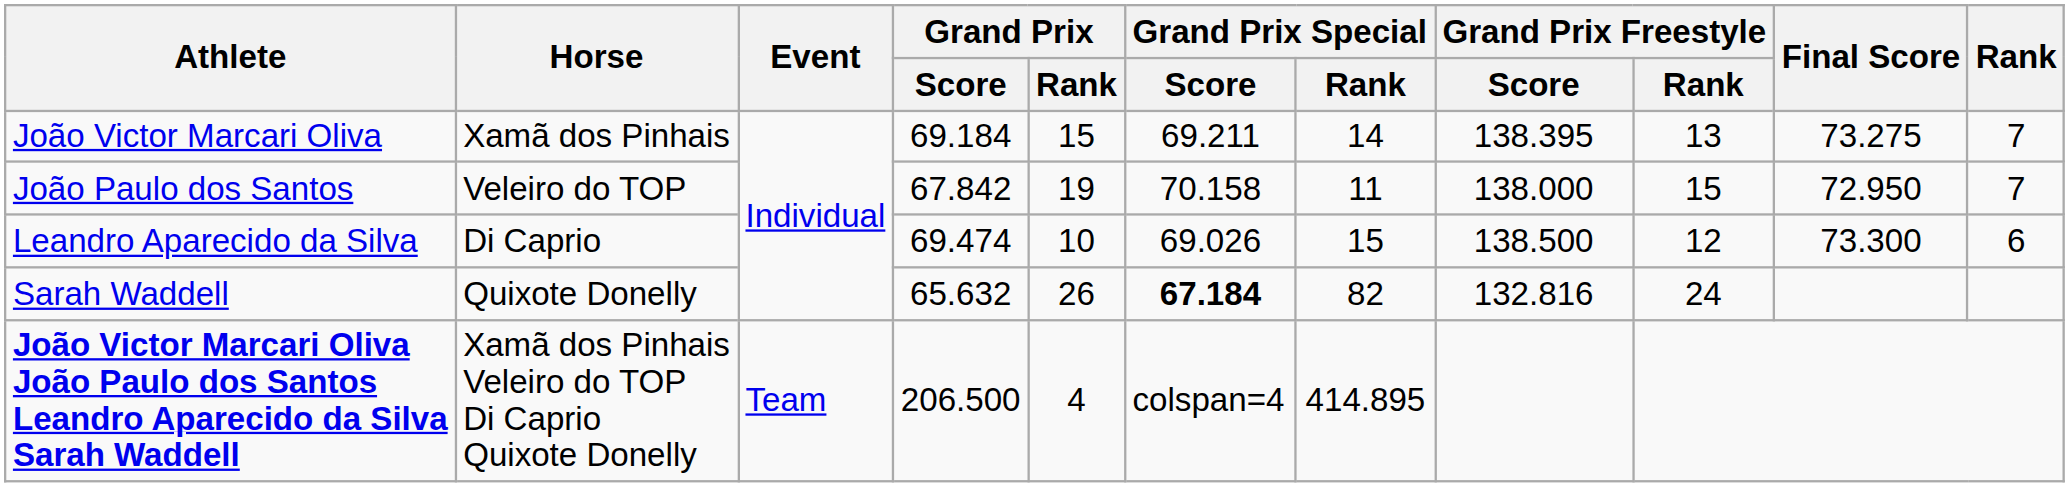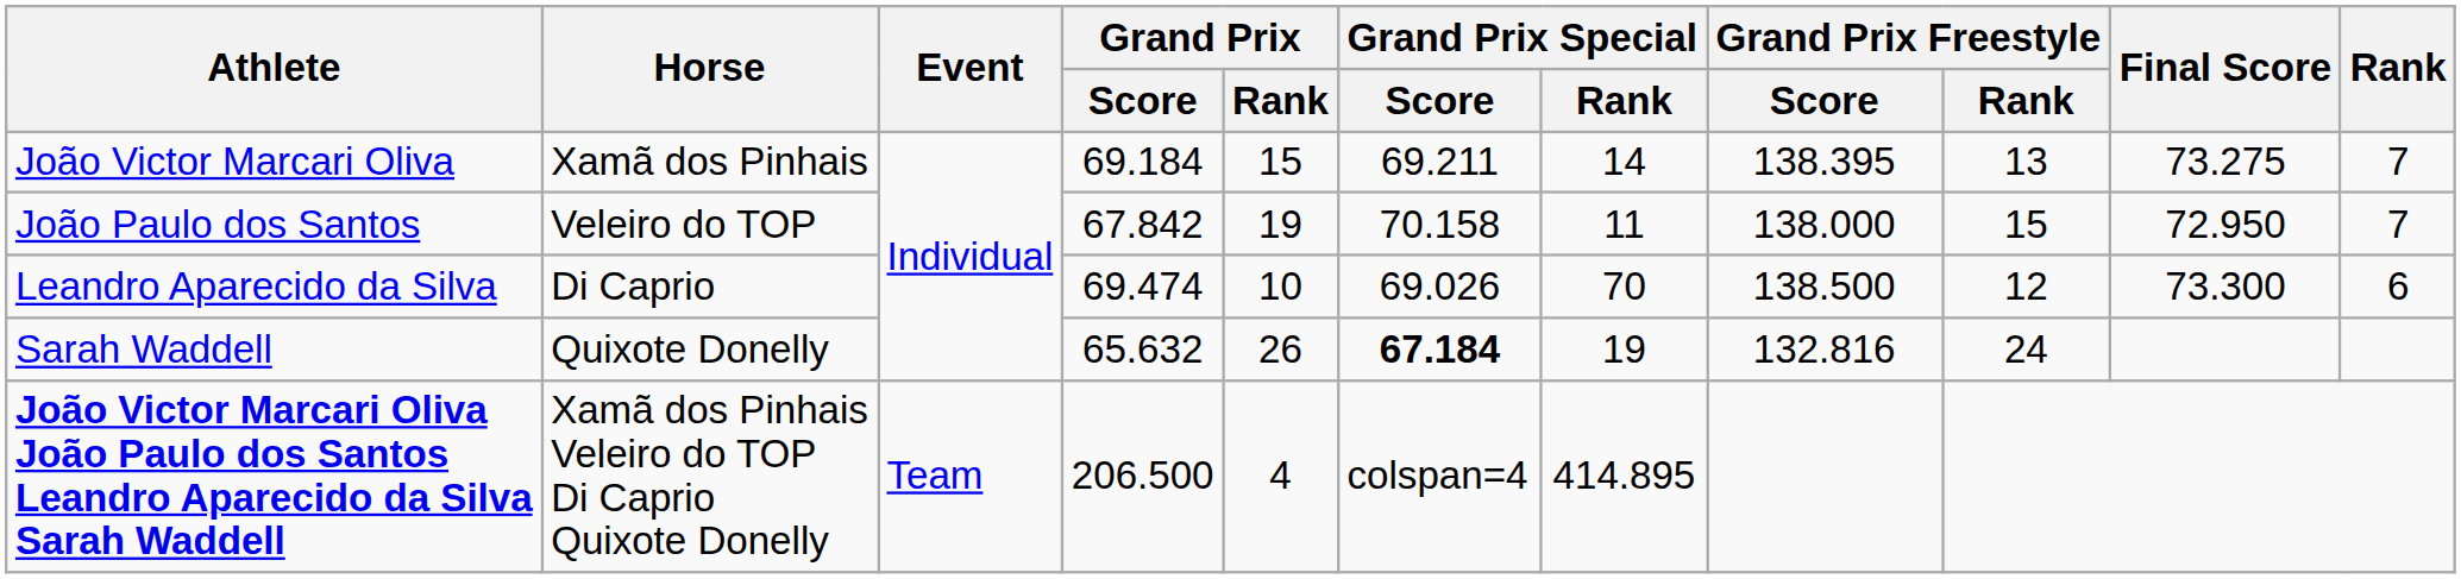 <table class="wikitable" style="font-size:90%">
 <tr>
 <th rowspan=2>Athlete</th>
 <th rowspan=2>Horse</th>
 <th rowspan=2>Event</th>
 <th colspan=2>Grand Prix</th>
 <th colspan=2>Grand Prix Special</th>
 <th colspan=2>Grand Prix Freestyle</th>
 <th rowspan=2>Final Score</th>
 <th rowspan=2>Rank</th>
 </tr>
 <tr>
 <th>Score</th>
 <th>Rank</th>
 <th>Score</th>
 <th>Rank</th>
 <th>Score</th>
 <th>Rank</th>
 </tr>
 <tr>
 <td><a href='#'>João Victor Marcari Oliva</a></td>
 <td>Xamã dos Pinhais</td>
 <td rowspan=4><a href='#'>Individual</a></td>
 <td align=center>69.184</td>
 <td align=center>15</td>
 <td align=center>69.211</td>
 <td align=center>14</td>
 <td align=center>138.395</td>
 <td align=center>13</td>
 <td align=center>73.275</td>
 <td align=center>7</td>
 </tr>
 <tr>
 <td><a href='#'>João Paulo dos Santos</a></td>
 <td>Veleiro do TOP</td>
 <td align=center>67.842</td>
 <td align=center>19</td>
 <td align=center>70.158</td>
 <td align=center>11</td>
 <td align=center>138.000</td>
 <td align=center>15</td>
 <td align=center>72.950</td>
 <td align=center>7</td>
 </tr>
 <tr>
 <td><a href='#'>Leandro Aparecido da Silva</a></td>
 <td>Di Caprio</td>
 <td align=center>69.474</td>
 <td align=center>10</td>
 <td align=center>69.026</td>
-<td align=center>15</td>
+<td align=center>70</td>
 <td align=center>138.500</td>
 <td align=center>12</td>
 <td align=center>73.300</td>
 <td align=center>6</td>
 </tr>
 <tr>
 <td><a href='#'>Sarah Waddell</a></td>
 <td>Quixote Donelly</td>
 <td align=center>65.632</td>
 <td align=center>26</td>
 <td align=center><strong>67.184</strong></td>
-<td align=center>82</td>
+<td align=center>19</td>
 <td align=center>132.816</td>
 <td align=center>24</td>
 <td align=center></td>
 <td align=center></td>
 </tr>
 <tr>
 <td><strong><a href='#'>João Victor Marcari Oliva</a></strong><br><strong><a href='#'>João Paulo dos Santos</a></strong><br><strong><a href='#'>Leandro Aparecido da Silva</a></strong><br><strong><a href='#'>Sarah Waddell</a></strong></td>
 <td>Xamã dos Pinhais<br>Veleiro do TOP<br>Di Caprio<br>Quixote Donelly</td>
 <td><a href='#'>Team</a></td>
 <td align=center>206.500</td>
 <td align=center>4</td>
 <td>colspan=4 </td>
 <td align=center>414.895</td>
 <td align=center></td>
 </tr>
 </table>
